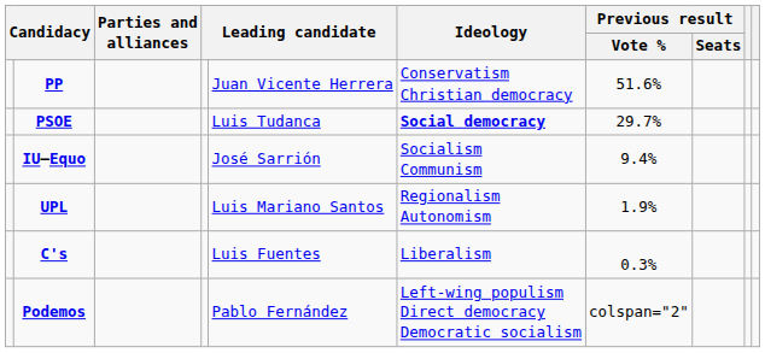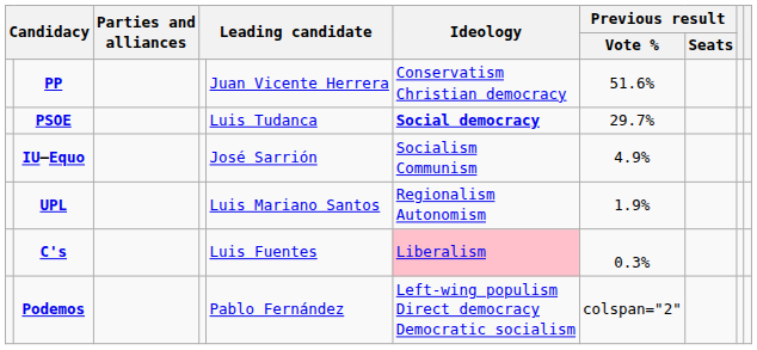 <table class="wikitable" style="line-height:1.35em; text-align:left;">
 <tr>
 <th colspan="2" rowspan="2">Candidacy</th>
 <th rowspan="2">Parties and<br>alliances</th>
 <th colspan="2" rowspan="2">Leading candidate</th>
 <th rowspan="2">Ideology</th>
 <th colspan="2">Previous result</th>
 <th rowspan="2"></th>
 <th rowspan="2"></th>
 </tr>
 <tr>
 <th>Vote %</th>
 <th>Seats</th>
 </tr>
 <tr>
 <td width="1" style="color:inherit;background:"></td>
 <td align="center"><strong><a href='#'>PP</a></strong></td>
 <td></td>
 <td></td>
 <td><a href='#'>Juan Vicente Herrera</a></td>
 <td><a href='#'>Conservatism</a><br><a href='#'>Christian democracy</a></td>
 <td align="center">51.6%</td>
 <td></td>
 <td></td>
 <td><br></td>
 </tr>
 <tr>
 <td style="color:inherit;background:"></td>
 <td align="center"><strong><a href='#'>PSOE</a></strong></td>
 <td></td>
 <td></td>
 <td><a href='#'>Luis Tudanca</a></td>
 <td><strong><a href='#'>Social democracy</a></strong></td>
 <td align="center">29.7%</td>
 <td></td>
 <td></td>
 <td><br></td>
 </tr>
 <tr>
 <td style="color:inherit;background:"></td>
 <td align="center"><strong><a href='#'>IU</a>–<a href='#'>Equo</a></strong></td>
 <td></td>
 <td></td>
 <td><a href='#'>José Sarrión</a></td>
 <td><a href='#'>Socialism</a><br><a href='#'>Communism</a></td>
-<td align="center">9.4%</td>
+<td align="center">4.9%</td>
 <td></td>
 <td></td>
 <td></td>
 </tr>
 <tr>
 <td style="color:inherit;background:"></td>
 <td align="center"><strong><a href='#'>UPL</a></strong></td>
 <td></td>
 <td></td>
 <td><a href='#'>Luis Mariano Santos</a></td>
 <td><a href='#'>Regionalism</a><br><a href='#'>Autonomism</a></td>
 <td align="center">1.9%</td>
 <td></td>
 <td></td>
 <td></td>
 </tr>
 <tr>
 <td style="color:inherit;background:"></td>
 <td align="center"><strong><a href='#'>C's</a></strong></td>
 <td></td>
 <td></td>
 <td><a href='#'>Luis Fuentes</a></td>
-<td><a href='#'>Liberalism</a></td>
+<td style="background: pink;"><a href='#'>Liberalism</a></td>
 <td align="center"><br>0.3%<br></td>
 <td></td>
 <td></td>
 <td></td>
 </tr>
 <tr>
 <td style="color:inherit;background:"></td>
 <td align="center"><strong><a href='#'>Podemos</a></strong></td>
 <td></td>
 <td></td>
 <td><a href='#'>Pablo Fernández</a></td>
 <td><a href='#'>Left-wing populism</a><br><a href='#'>Direct democracy</a><br><a href='#'>Democratic socialism</a></td>
 <td>colspan="2" </td>
 <td></td>
 <td><br></td>
 </tr>
 </table>
